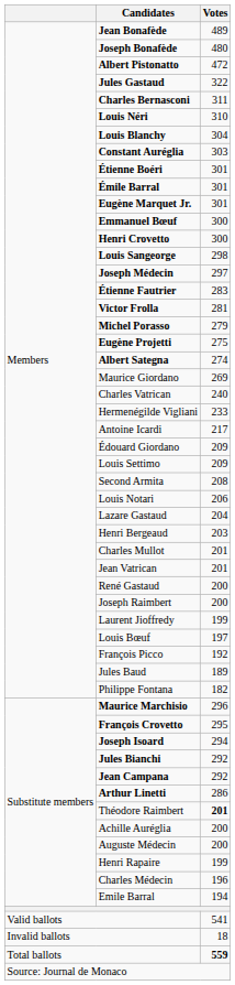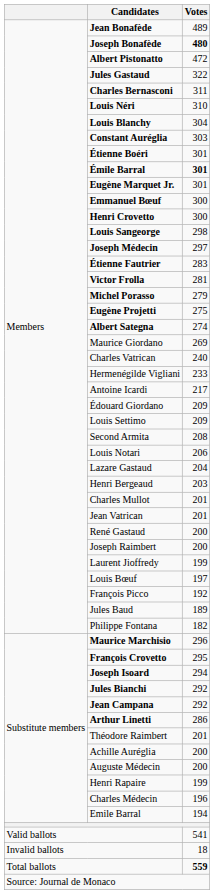 <table class="wikitable" style="text-align:right">
 <tr>
 <th></th>
 <th>Candidates</th>
 <th>Votes</th>
 </tr>
 <tr>
 <td rowspan=39 align=left>Members</td>
 <td align=left><strong>Jean Bonafède</strong></td>
 <td>489</td>
 </tr>
 <tr>
 <td align=left><strong>Joseph Bonafède</strong></td>
-<td>480</td>
+<td><strong>480</strong></td>
 </tr>
 <tr>
 <td align=left><strong>Albert Pistonatto</strong></td>
 <td>472</td>
 </tr>
 <tr>
 <td align=left><strong>Jules Gastaud</strong></td>
 <td>322</td>
 </tr>
 <tr>
 <td align=left><strong>Charles Bernasconi</strong></td>
 <td>311</td>
 </tr>
 <tr>
 <td align=left><strong>Louis Néri</strong></td>
 <td>310</td>
 </tr>
 <tr>
 <td align=left><strong>Louis Blanchy</strong></td>
 <td>304</td>
 </tr>
 <tr>
 <td align=left><strong>Constant Auréglia</strong></td>
 <td>303</td>
 </tr>
 <tr>
 <td align=left><strong>Étienne Boéri</strong></td>
 <td>301</td>
 </tr>
 <tr>
 <td align=left><strong>Émile Barral</strong></td>
-<td>301</td>
+<td><strong>301</strong></td>
 </tr>
 <tr>
 <td align=left><strong>Eugène Marquet Jr.</strong></td>
 <td>301</td>
 </tr>
 <tr>
 <td align=left><strong>Emmanuel Bœuf</strong></td>
 <td>300</td>
 </tr>
 <tr>
 <td align=left><strong>Henri Crovetto</strong></td>
 <td>300</td>
 </tr>
 <tr>
 <td align=left><strong>Louis Sangeorge</strong></td>
 <td>298</td>
 </tr>
 <tr>
 <td align=left><strong>Joseph Médecin</strong></td>
 <td>297</td>
 </tr>
 <tr>
 <td align=left><strong>Étienne Fautrier</strong></td>
 <td>283</td>
 </tr>
 <tr>
 <td align=left><strong>Victor Frolla</strong></td>
 <td>281</td>
 </tr>
 <tr>
 <td align=left><strong>Michel Porasso</strong></td>
 <td>279</td>
 </tr>
 <tr>
 <td align=left><strong>Eugène Projetti</strong></td>
 <td>275</td>
 </tr>
 <tr>
 <td align=left><strong>Albert Sategna</strong></td>
 <td>274</td>
 </tr>
 <tr>
 <td align=left>Maurice Giordano</td>
 <td>269</td>
 </tr>
 <tr>
 <td align=left>Charles Vatrican</td>
 <td>240</td>
 </tr>
 <tr>
 <td align=left>Hermenégilde Vigliani</td>
 <td>233</td>
 </tr>
 <tr>
 <td align=left>Antoine Icardi</td>
 <td>217</td>
 </tr>
 <tr>
 <td align=left>Édouard Giordano</td>
 <td>209</td>
 </tr>
 <tr>
 <td align=left>Louis Settimo</td>
 <td>209</td>
 </tr>
 <tr>
 <td align=left>Second Armita</td>
 <td>208</td>
 </tr>
 <tr>
 <td align=left>Louis Notari</td>
 <td>206</td>
 </tr>
 <tr>
 <td align=left>Lazare Gastaud</td>
 <td>204</td>
 </tr>
 <tr>
 <td align=left>Henri Bergeaud</td>
 <td>203</td>
 </tr>
 <tr>
 <td align=left>Charles Mullot</td>
 <td>201</td>
 </tr>
 <tr>
 <td align=left>Jean Vatrican</td>
 <td>201</td>
 </tr>
 <tr>
 <td align=left>René Gastaud</td>
 <td>200</td>
 </tr>
 <tr>
 <td align=left>Joseph Raimbert</td>
 <td>200</td>
 </tr>
 <tr>
 <td align=left>Laurent Jioffredy</td>
 <td>199</td>
 </tr>
 <tr>
 <td align=left>Louis Bœuf</td>
 <td>197</td>
 </tr>
 <tr>
 <td align=left>François Picco</td>
 <td>192</td>
 </tr>
 <tr>
 <td align=left>Jules Baud</td>
 <td>189</td>
 </tr>
 <tr>
 <td align=left>Philippe Fontana</td>
 <td>182</td>
 </tr>
 <tr>
 <td rowspan=12 align=left>Substitute members</td>
 <td align=left><strong>Maurice Marchisio</strong></td>
 <td>296</td>
 </tr>
 <tr>
 <td align=left><strong>François Crovetto</strong></td>
 <td>295</td>
 </tr>
 <tr>
 <td align=left><strong>Joseph Isoard</strong></td>
 <td>294</td>
 </tr>
 <tr>
 <td align=left><strong>Jules Bianchi</strong></td>
 <td>292</td>
 </tr>
 <tr>
 <td align=left><strong>Jean Campana</strong></td>
 <td>292</td>
 </tr>
 <tr>
 <td align=left><strong>Arthur Linetti</strong></td>
 <td>286</td>
 </tr>
 <tr>
 <td align=left>Théodore Raimbert</td>
-<td><strong>201</strong></td>
+<td>201</td>
 </tr>
 <tr>
 <td align=left>Achille Auréglia</td>
 <td>200</td>
 </tr>
 <tr>
 <td align=left>Auguste Médecin</td>
 <td>200</td>
 </tr>
 <tr>
 <td align=left>Henri Rapaire</td>
 <td>199</td>
 </tr>
 <tr>
 <td align=left>Charles Médecin</td>
 <td>196</td>
 </tr>
 <tr>
 <td align=left>Emile Barral</td>
 <td>194</td>
 </tr>
 <tr>
 <th colspan=3></th>
 </tr>
 <tr>
 <td colspan=2 align=left>Valid ballots</td>
 <td>541</td>
 </tr>
 <tr>
 <td colspan=2 align=left>Invalid ballots</td>
 <td>18</td>
 </tr>
 <tr>
 <td colspan=2 align=left>Total ballots</td>
 <td><strong>559</strong></td>
 </tr>
 <tr>
 <td colspan=3 align=left>Source: Journal de Monaco</td>
 </tr>
 </table>
